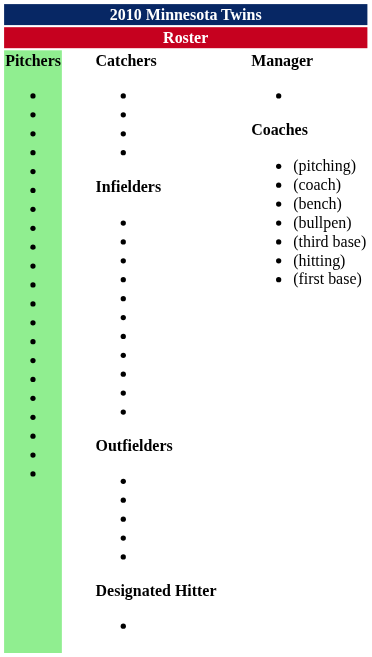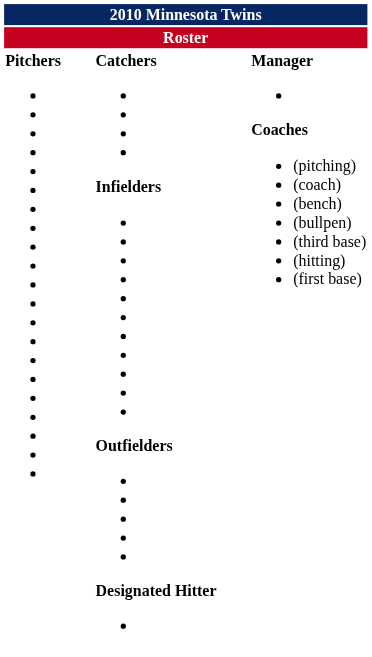 <table class="toccolours" style="font-size: 95%;">
 <tr>
 <th colspan="10" style="background-color: #072764; color: #FFFFFF; text-align: center;">2010 Minnesota Twins</th>
 </tr>
 <tr>
 <td colspan="10" style="background-color: #c6011f; color: white; text-align: center;"><strong>Roster</strong></td>
 </tr>
 <tr>
-<td valign="top" style="background: lightgreen;"><strong>Pitchers</strong><br><ul><li></li><li></li><li></li><li></li><li></li><li></li><li></li><li></li><li></li><li></li><li></li><li></li><li></li><li></li><li></li><li></li><li></li><li></li><li></li><li></li><li></li></ul></td>
+<td valign="top"><strong>Pitchers</strong><br><ul><li></li><li></li><li></li><li></li><li></li><li></li><li></li><li></li><li></li><li></li><li></li><li></li><li></li><li></li><li></li><li></li><li></li><li></li><li></li><li></li><li></li></ul></td>
 <td width="25px"></td>
 <td valign="top"><strong>Catchers</strong><br><ul><li></li><li></li><li></li><li></li></ul><strong>Infielders</strong><ul><li></li><li></li><li></li><li></li><li></li><li></li><li></li><li></li><li></li><li></li><li></li></ul><strong>Outfielders</strong><ul><li></li><li></li><li></li><li></li><li></li></ul><strong>Designated Hitter</strong><ul><li></li></ul></td>
 <td width="25px"></td>
 <td valign="top"><strong>Manager</strong><br><ul><li></li></ul><strong>Coaches</strong><ul><li> (pitching)</li><li> (coach)</li><li> (bench)</li><li> (bullpen)</li><li> (third base)</li><li> (hitting)</li><li> (first base)</li></ul></td>
 </tr>
 <tr>
 </tr>
 </table>
